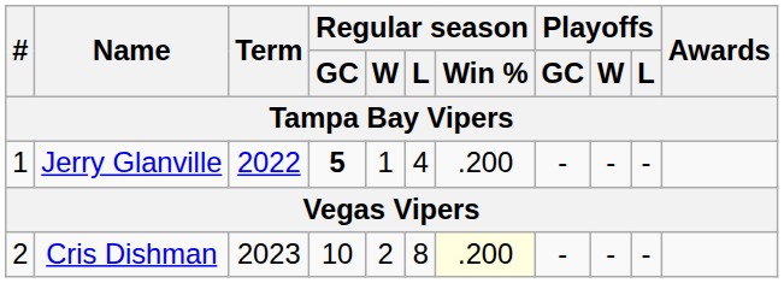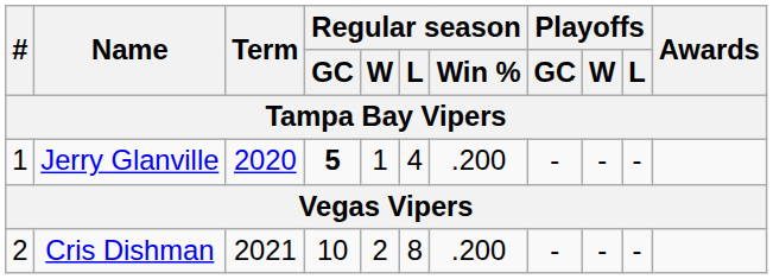 <table class="wikitable" style="text-align:center">
 <tr>
 <th rowspan="2">#</th>
 <th rowspan="2">Name</th>
 <th rowspan="2">Term</th>
 <th colspan="4">Regular season</th>
 <th colspan="3">Playoffs</th>
 <th rowspan="2">Awards</th>
 </tr>
 <tr>
 <th>GC</th>
 <th>W</th>
 <th>L</th>
 <th>Win %</th>
 <th>GC</th>
 <th>W</th>
 <th>L</th>
 </tr>
 <tr>
 <th colspan="11">Tampa Bay Vipers</th>
 </tr>
 <tr>
 <td>1</td>
 <td><a href='#'>Jerry Glanville</a></td>
-<td><a href='#'>2022</a></td>
+<td><a href='#'>2020</a></td>
 <td><strong>5</strong></td>
 <td>1</td>
 <td>4</td>
 <td>.200</td>
 <td>-</td>
 <td>-</td>
 <td>-</td>
 <td></td>
 </tr>
 <tr>
 <th colspan="11">Vegas Vipers</th>
 </tr>
 <tr>
 <td>2</td>
 <td><a href='#'>Cris Dishman</a></td>
-<td>2023</td>
+<td>2021</td>
 <td>10</td>
 <td>2</td>
 <td>8</td>
-<td style="background: lightyellow;">.200</td>
+<td>.200</td>
 <td>-</td>
 <td>-</td>
 <td>-</td>
 </tr>
 </table>
